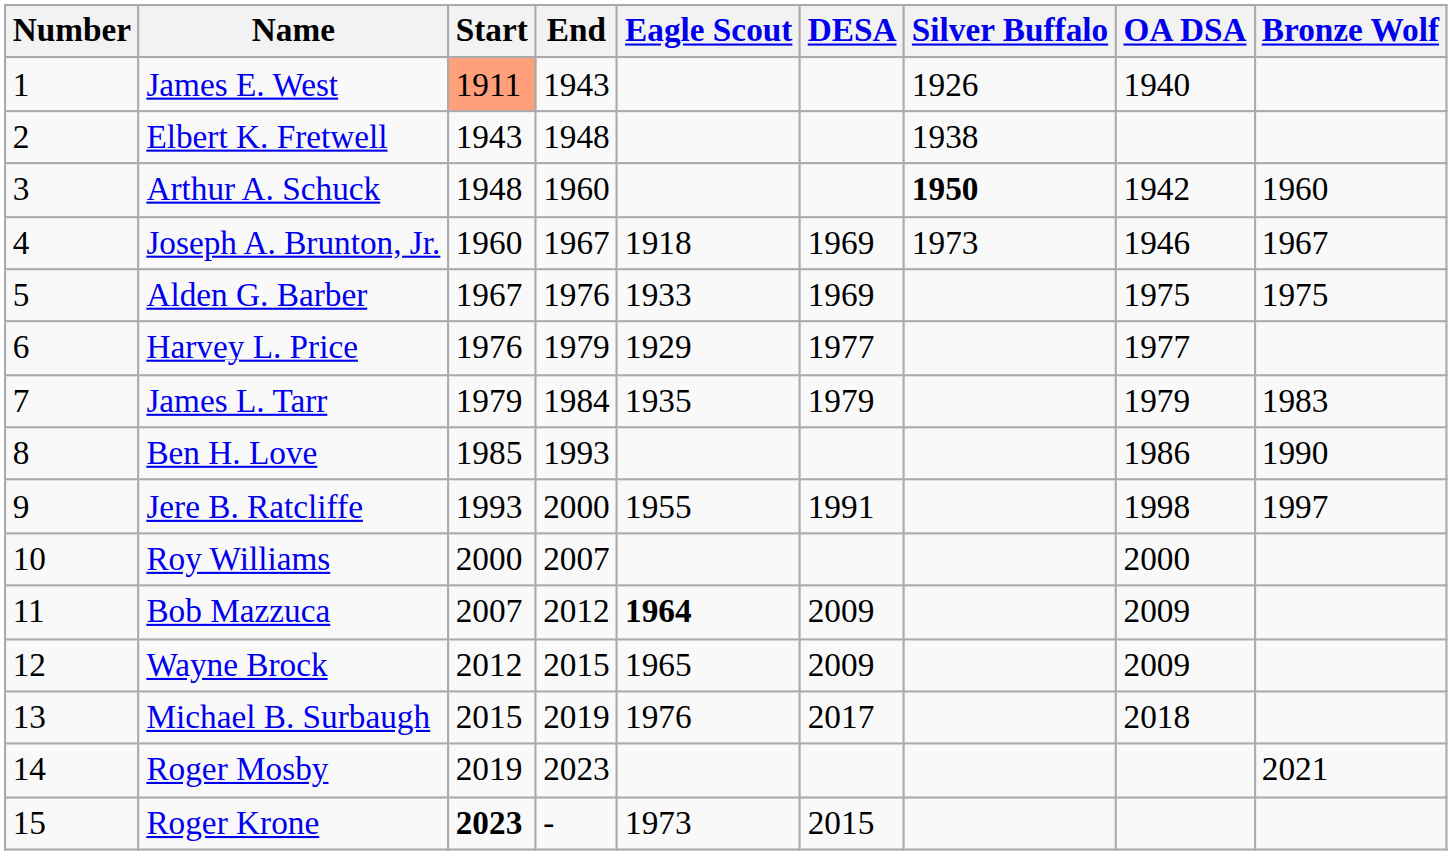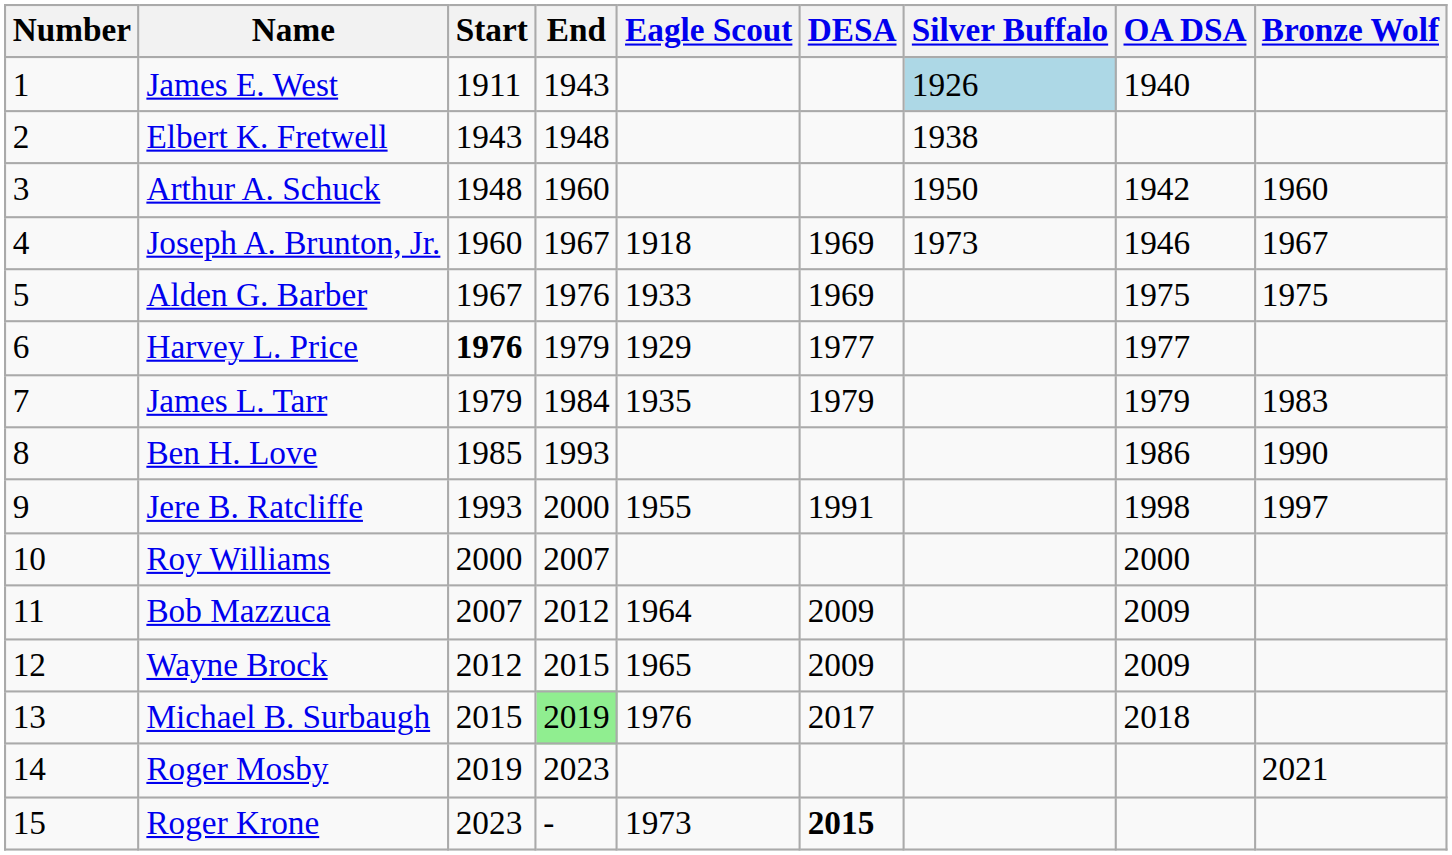 <table class="wikitable sortable">
 <tr>
 <th>Number</th>
 <th>Name</th>
 <th>Start</th>
 <th>End</th>
 <th><a href='#'>Eagle Scout</a></th>
 <th><a href='#'>DESA</a></th>
 <th><a href='#'>Silver Buffalo</a></th>
 <th><a href='#'>OA DSA</a></th>
 <th><a href='#'>Bronze Wolf</a></th>
 </tr>
 <tr>
 <td>1</td>
 <td><a href='#'>James E. West</a></td>
-<td style="background: lightsalmon;">1911</td>
+<td>1911</td>
 <td>1943</td>
 <td></td>
 <td></td>
-<td>1926</td>
+<td style="background: lightblue;">1926</td>
 <td>1940</td>
 <td></td>
 </tr>
 <tr>
 <td>2</td>
 <td><a href='#'>Elbert K. Fretwell</a></td>
 <td>1943</td>
 <td>1948</td>
 <td></td>
 <td></td>
 <td>1938</td>
 <td></td>
 <td></td>
 </tr>
 <tr>
 <td>3</td>
 <td><a href='#'>Arthur A. Schuck</a></td>
 <td>1948</td>
 <td>1960</td>
 <td></td>
 <td></td>
-<td><strong>1950</strong></td>
+<td>1950</td>
 <td>1942</td>
 <td>1960</td>
 </tr>
 <tr>
 <td>4</td>
 <td><a href='#'>Joseph A. Brunton, Jr.</a></td>
 <td>1960</td>
 <td>1967</td>
 <td>1918</td>
 <td>1969</td>
 <td>1973</td>
 <td>1946</td>
 <td>1967</td>
 </tr>
 <tr>
 <td>5</td>
 <td><a href='#'>Alden G. Barber</a></td>
 <td>1967</td>
 <td>1976</td>
 <td>1933</td>
 <td>1969</td>
 <td></td>
 <td>1975</td>
 <td>1975</td>
 </tr>
 <tr>
 <td>6</td>
 <td><a href='#'>Harvey L. Price</a></td>
-<td>1976</td>
+<td><strong>1976</strong></td>
 <td>1979</td>
 <td>1929</td>
 <td>1977</td>
 <td></td>
 <td>1977</td>
 <td></td>
 </tr>
 <tr>
 <td>7</td>
 <td><a href='#'>James L. Tarr</a></td>
 <td>1979</td>
 <td>1984</td>
 <td>1935</td>
 <td>1979</td>
 <td></td>
 <td>1979</td>
 <td>1983</td>
 </tr>
 <tr>
 <td>8</td>
 <td><a href='#'>Ben H. Love</a></td>
 <td>1985</td>
 <td>1993</td>
 <td></td>
 <td></td>
 <td></td>
 <td>1986</td>
 <td>1990</td>
 </tr>
 <tr>
 <td>9</td>
 <td><a href='#'>Jere B. Ratcliffe</a></td>
 <td>1993</td>
 <td>2000</td>
 <td>1955</td>
 <td>1991</td>
 <td></td>
 <td>1998</td>
 <td>1997</td>
 </tr>
 <tr>
 <td>10</td>
 <td><a href='#'>Roy Williams</a></td>
 <td>2000</td>
 <td>2007</td>
 <td></td>
 <td></td>
 <td></td>
 <td>2000</td>
 <td></td>
 </tr>
 <tr>
 <td>11</td>
 <td><a href='#'>Bob Mazzuca</a></td>
 <td>2007</td>
 <td>2012</td>
-<td><strong>1964</strong></td>
+<td>1964</td>
 <td>2009</td>
 <td></td>
 <td>2009</td>
 <td></td>
 </tr>
 <tr>
 <td>12</td>
 <td><a href='#'>Wayne Brock</a></td>
 <td>2012</td>
 <td>2015</td>
 <td>1965</td>
 <td>2009</td>
 <td></td>
 <td>2009</td>
 <td></td>
 </tr>
 <tr>
 <td>13</td>
 <td><a href='#'>Michael B. Surbaugh</a></td>
 <td>2015</td>
-<td>2019</td>
+<td style="background: lightgreen;">2019</td>
 <td>1976</td>
 <td>2017</td>
 <td></td>
 <td>2018</td>
 <td></td>
 </tr>
 <tr>
 <td>14</td>
 <td><a href='#'>Roger Mosby</a></td>
 <td>2019</td>
 <td>2023</td>
 <td></td>
 <td></td>
 <td></td>
 <td></td>
 <td>2021</td>
 </tr>
 <tr>
 <td>15</td>
 <td><a href='#'>Roger Krone</a></td>
-<td><strong>2023</strong></td>
+<td>2023</td>
 <td>-</td>
 <td>1973</td>
-<td>2015</td>
+<td><strong>2015</strong></td>
 <td></td>
 <td></td>
 </tr>
 </table>
